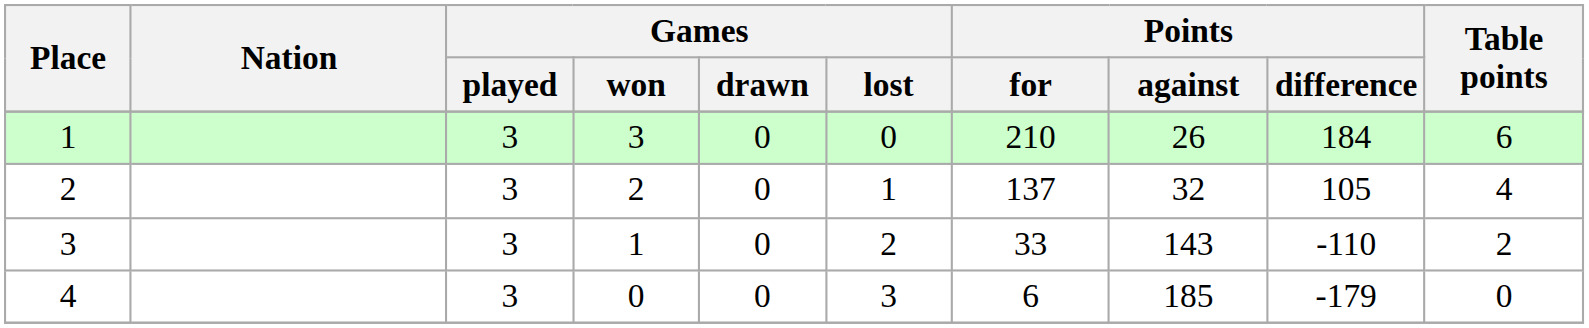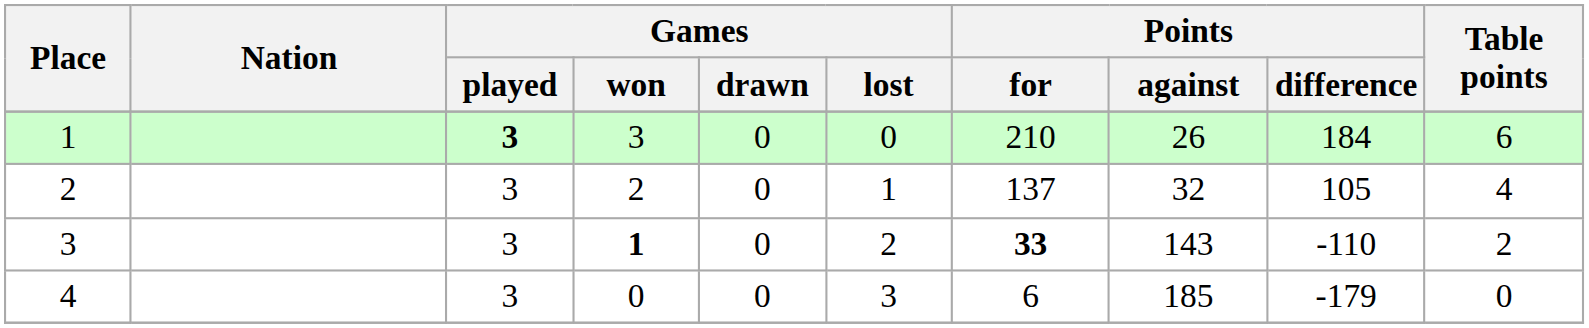 <table class="wikitable">
 <tr>
 <th rowspan=2 width="8%">Place</th>
 <th rowspan=2 width="20%">Nation</th>
 <th colspan=4 width="32%">Games</th>
 <th colspan=3 width="30%">Points</th>
 <th rowspan=2 width="10%">Table<br>points</th>
 </tr>
 <tr>
 <th width="8%">played</th>
 <th width="8%">won</th>
 <th width="8%">drawn</th>
 <th width="8%">lost</th>
 <th width="10%">for</th>
 <th width="10%">against</th>
 <th width="10%">difference</th>
 </tr>
 <tr>
 </tr>
 <tr bgcolor=#ccffcc align=center>
 <td>1</td>
 <td align=left><strong></strong></td>
-<td>3</td>
+<td><strong>3</strong></td>
 <td>3</td>
 <td>0</td>
 <td>0</td>
 <td>210</td>
 <td>26</td>
 <td>184</td>
 <td>6</td>
 </tr>
 <tr bgcolor=#ffffff align=center>
 <td>2</td>
 <td align=left></td>
 <td>3</td>
 <td>2</td>
 <td>0</td>
 <td>1</td>
 <td>137</td>
 <td>32</td>
 <td>105</td>
 <td>4</td>
 </tr>
 <tr bgcolor=#ffffff align=center>
 <td>3</td>
 <td align=left></td>
 <td>3</td>
-<td>1</td>
+<td><strong>1</strong></td>
 <td>0</td>
 <td>2</td>
-<td>33</td>
+<td><strong>33</strong></td>
 <td>143</td>
 <td>-110</td>
 <td>2</td>
 </tr>
 <tr bgcolor=#ffffff align=center>
 <td>4</td>
 <td align=left></td>
 <td>3</td>
 <td>0</td>
 <td>0</td>
 <td>3</td>
 <td>6</td>
 <td>185</td>
 <td>-179</td>
 <td>0</td>
 </tr>
 <tr bgcolor=#ffcccc align=center>
 </tr>
 </table>
